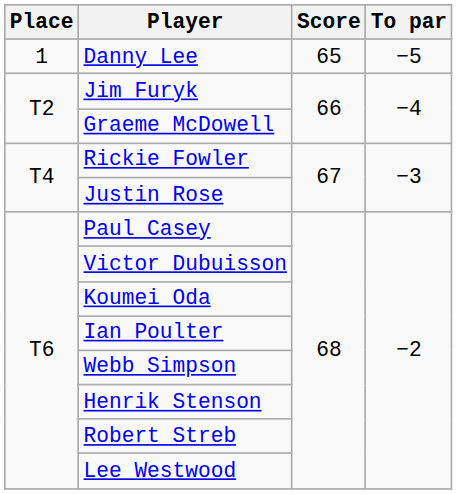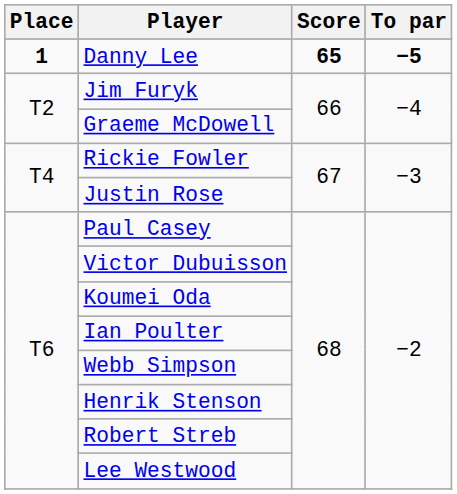 <table class="wikitable">
 <tr>
 <th>Place</th>
 <th>Player</th>
 <th>Score</th>
 <th>To par</th>
 </tr>
 <tr>
-<td align=center>1</td>
+<td align=center><strong>1</strong></td>
 <td> <a href='#'>Danny Lee</a></td>
-<td align=center>65</td>
-<td align=center>−5</td>
+<td align=center><strong>65</strong></td>
+<td align=center><strong>−5</strong></td>
 </tr>
 <tr>
 <td rowspan=2 align=center>T2</td>
 <td> <a href='#'>Jim Furyk</a></td>
 <td rowspan=2 align=center>66</td>
 <td rowspan=2 align=center>−4</td>
 </tr>
 <tr>
 <td> <a href='#'>Graeme McDowell</a></td>
 </tr>
 <tr>
 <td rowspan=2 align=center>T4</td>
 <td> <a href='#'>Rickie Fowler</a></td>
 <td rowspan=2 align=center>67</td>
 <td rowspan=2 align=center>−3</td>
 </tr>
 <tr>
 <td> <a href='#'>Justin Rose</a></td>
 </tr>
 <tr>
 <td rowspan=8 align=center>T6</td>
 <td> <a href='#'>Paul Casey</a></td>
 <td rowspan=8 align=center>68</td>
 <td rowspan=8 align=center>−2</td>
 </tr>
 <tr>
 <td> <a href='#'>Victor Dubuisson</a></td>
 </tr>
 <tr>
 <td> <a href='#'>Koumei Oda</a></td>
 </tr>
 <tr>
 <td> <a href='#'>Ian Poulter</a></td>
 </tr>
 <tr>
 <td> <a href='#'>Webb Simpson</a></td>
 </tr>
 <tr>
 <td> <a href='#'>Henrik Stenson</a></td>
 </tr>
 <tr>
 <td> <a href='#'>Robert Streb</a></td>
 </tr>
 <tr>
 <td> <a href='#'>Lee Westwood</a></td>
 </tr>
 </table>
